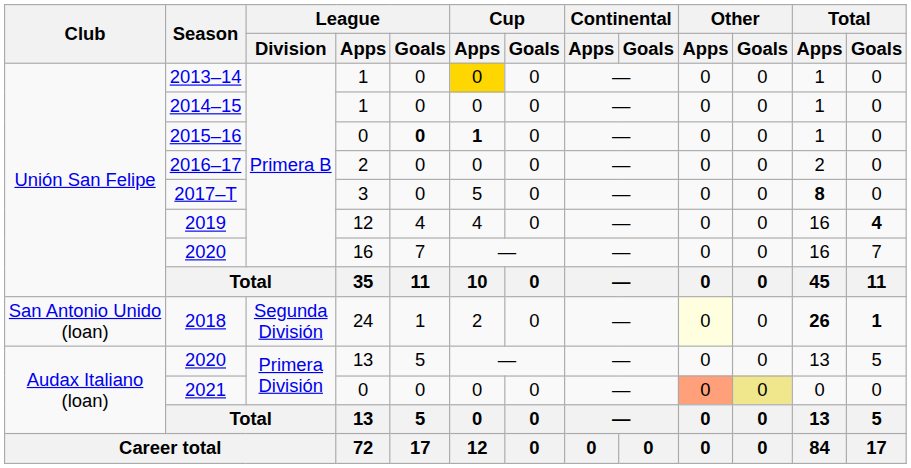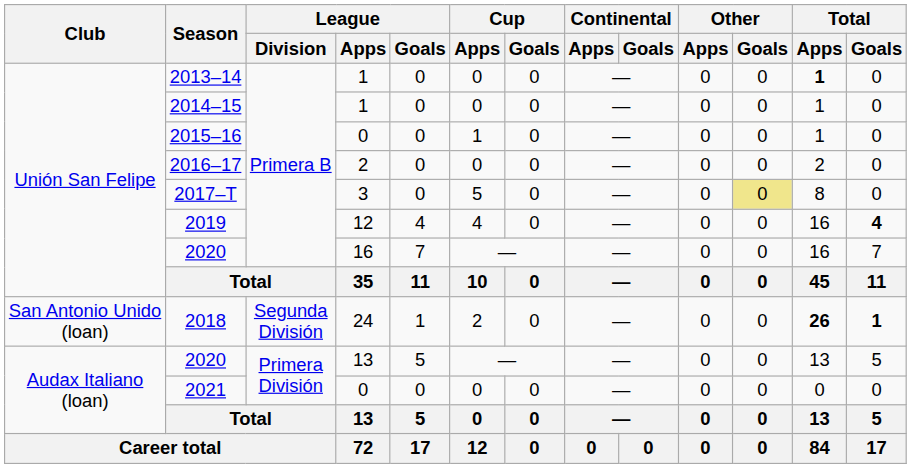 <table class="wikitable" style="text-align: center;">
 <tr>
 <th rowspan="2">Club</th>
 <th rowspan="2">Season</th>
 <th colspan="3">League</th>
 <th colspan="2">Cup</th>
 <th colspan="2">Continental</th>
 <th colspan="2">Other</th>
 <th colspan="2">Total</th>
 </tr>
 <tr>
 <th>Division</th>
 <th>Apps</th>
 <th>Goals</th>
 <th>Apps</th>
 <th>Goals</th>
 <th>Apps</th>
 <th>Goals</th>
 <th>Apps</th>
 <th>Goals</th>
 <th>Apps</th>
 <th>Goals</th>
 </tr>
 <tr>
 <td rowspan="8"><a href='#'>Unión San Felipe</a></td>
 <td><a href='#'>2013–14</a></td>
 <td rowspan="7"><a href='#'>Primera B</a></td>
 <td>1</td>
 <td>0</td>
-<td style="background: gold;">0</td>
+<td>0</td>
 <td>0</td>
 <td colspan="2">—</td>
 <td>0</td>
 <td>0</td>
-<td>1</td>
+<td><strong>1</strong></td>
 <td>0</td>
 </tr>
 <tr>
 <td><a href='#'>2014–15</a></td>
 <td>1</td>
 <td>0</td>
 <td>0</td>
 <td>0</td>
 <td colspan="2">—</td>
 <td>0</td>
 <td>0</td>
 <td>1</td>
 <td>0</td>
 </tr>
 <tr>
 <td><a href='#'>2015–16</a></td>
 <td>0</td>
-<td><strong>0</strong></td>
-<td><strong>1</strong></td>
+<td>0</td>
+<td>1</td>
 <td>0</td>
 <td colspan="2">—</td>
 <td>0</td>
 <td>0</td>
 <td>1</td>
 <td>0</td>
 </tr>
 <tr>
 <td><a href='#'>2016–17</a></td>
 <td>2</td>
 <td>0</td>
 <td>0</td>
 <td>0</td>
 <td colspan="2">—</td>
 <td>0</td>
 <td>0</td>
 <td>2</td>
 <td>0</td>
 </tr>
 <tr>
 <td><a href='#'>2017–T</a></td>
 <td>3</td>
 <td>0</td>
 <td>5</td>
 <td>0</td>
 <td colspan="2">—</td>
 <td>0</td>
-<td>0</td>
-<td><strong>8</strong></td>
+<td style="background: khaki;">0</td>
+<td>8</td>
 <td>0</td>
 </tr>
 <tr>
 <td><a href='#'>2019</a></td>
 <td>12</td>
 <td>4</td>
 <td>4</td>
 <td>0</td>
 <td colspan="2">—</td>
 <td>0</td>
 <td>0</td>
 <td>16</td>
 <td><strong>4</strong></td>
 </tr>
 <tr>
 <td><a href='#'>2020</a></td>
 <td>16</td>
 <td>7</td>
 <td colspan="2">—</td>
 <td colspan="2">—</td>
 <td>0</td>
 <td>0</td>
 <td>16</td>
 <td>7</td>
 </tr>
 <tr>
 <th colspan="2">Total</th>
 <th>35</th>
 <th>11</th>
 <th>10</th>
 <th>0</th>
 <th colspan="2">—</th>
 <th>0</th>
 <th>0</th>
 <th>45</th>
 <th>11</th>
 </tr>
 <tr>
 <td><a href='#'>San Antonio Unido</a><br>(loan)</td>
 <td><a href='#'>2018</a></td>
 <td><a href='#'>Segunda<br>División</a></td>
 <td>24</td>
 <td>1</td>
 <td>2</td>
 <td>0</td>
 <td colspan="2">—</td>
-<td style="background: lightyellow;">0</td>
+<td>0</td>
 <td>0</td>
 <td><strong>26</strong></td>
 <td><strong>1</strong></td>
 </tr>
 <tr>
 <td rowspan="3"><a href='#'>Audax Italiano</a><br>(loan)</td>
 <td><a href='#'>2020</a></td>
 <td rowspan="2"><a href='#'>Primera<br>División</a></td>
 <td>13</td>
 <td>5</td>
 <td colspan="2">—</td>
 <td colspan="2">—</td>
 <td>0</td>
 <td>0</td>
 <td>13</td>
 <td>5</td>
 </tr>
 <tr>
 <td><a href='#'>2021</a></td>
 <td>0</td>
 <td>0</td>
 <td>0</td>
 <td>0</td>
 <td colspan="2">—</td>
-<td style="background: lightsalmon;">0</td>
-<td style="background: khaki;">0</td>
+<td>0</td>
+<td>0</td>
 <td>0</td>
 <td>0</td>
 </tr>
 <tr>
 <th colspan="2">Total</th>
 <th>13</th>
 <th>5</th>
 <th>0</th>
 <th>0</th>
 <th colspan="2">—</th>
 <th>0</th>
 <th>0</th>
 <th>13</th>
 <th>5</th>
 </tr>
 <tr>
 <th colspan="3">Career total</th>
 <th>72</th>
 <th>17</th>
 <th>12</th>
 <th>0</th>
 <th>0</th>
 <th>0</th>
 <th>0</th>
 <th>0</th>
 <th>84</th>
 <th>17</th>
 </tr>
 </table>
